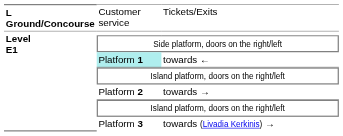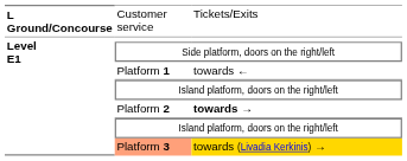 <table border=0 cellspacing=0 cellpadding=3>
 <tr>
 <td style="border-bottom:solid 1px gray;border-top:solid 2px gray;" width=50 valign=top><strong>L<br>Ground/Concourse</strong></td>
 <td style="border-top:solid 1px gray;border-bottom:solid 1px gray;" width=100 valign=top>Customer service</td>
 <td style="border-top:solid 1px gray;border-bottom:solid 1px gray;" width=285 valign=top>Tickets/Exits</td>
 </tr>
 <tr>
 <td style="border-bottom:solid 2px gray;" rowspan=15 valign=top><strong>Level<br>Ε1</strong></td>
 <td style="border-bottom:solid 1px gray;"></td>
 <td style="border-bottom:solid 1px gray;"></td>
 </tr>
 <tr>
 <td style="border-top:solid 1px gray;border-right:solid 2px gray;border-left:solid 2px gray;border-bottom:solid 2px gray;text-align:center;" colspan=2><small>Side platform, doors on the right/left</small></td>
 </tr>
 <tr>
-<td style="background: paleturquoise; border-bottom:solid 1px gray;">Platform <span><strong>1</strong></span></td>
+<td style="border-bottom:solid 1px gray;">Platform <span><strong>1</strong></span></td>
 <td style="border-bottom:solid 1px gray;"> towards  <small></small> ←</td>
 </tr>
 <tr>
 <td style="border-top:solid 2px gray;border-right:solid 2px gray;border-left:solid 2px gray;border-bottom:solid 2px gray;text-align:center;" colspan=2><small>Island platform, doors on the right/left</small></td>
 </tr>
 <tr>
 <td style="border-bottom:solid 1px gray;">Platform <span><strong>2</strong></span></td>
-<td style="border-bottom:solid 1px gray;"> towards  <small></small> →</td>
+<td style="border-bottom:solid 1px gray;"><strong> towards  <small></small> →</strong></td>
 </tr>
 <tr>
 <td style="border-top:solid 2px gray;border-right:solid 2px gray;border-left:solid 2px gray;border-bottom:solid 2px gray;text-align:center;" colspan=2><small>Island platform, doors on the right/left</small></td>
 </tr>
 <tr>
-<td>Platform <span><strong>3</strong></span></td>
-<td> towards  <small>(<a href='#'>Livadia Kerkinis</a>)</small> →</td>
+<td style="background: lightsalmon;">Platform <span><strong>3</strong></span></td>
+<td style="background: gold;"> towards  <small>(<a href='#'>Livadia Kerkinis</a>)</small> →</td>
 </tr>
 <tr>
 </tr>
 </table>
